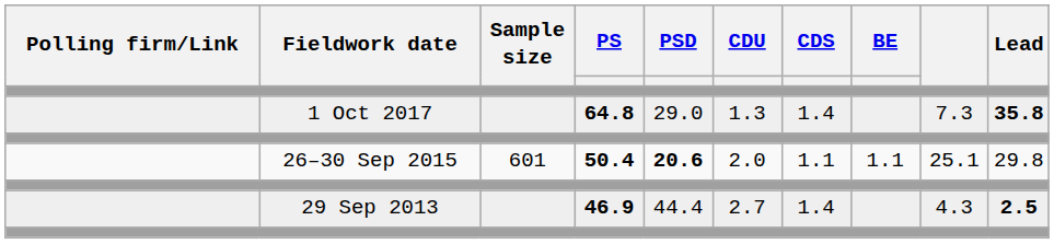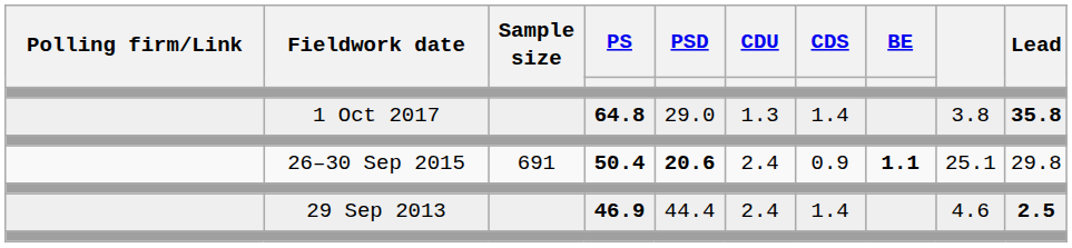 <table class="wikitable collapsible sortable" style="text-align:center; font-size:95%; line-height:16px;">
 <tr style="height:42px;">
 <th style="width:145px;" rowspan="2">Polling firm/Link</th>
 <th style="width:125px;" rowspan="2">Fieldwork date</th>
 <th class="unsortable" style="width:50px;" rowspan="2">Sample size</th>
 <th class="unsortable" style="width:35px;"><a href='#'>PS</a></th>
 <th class="unsortable" style="width:35px;"><a href='#'>PSD</a></th>
 <th class="unsortable" style="width:35px;"><a href='#'>CDU</a></th>
 <th class="unsortable" style="width:35px;"><a href='#'>CDS</a></th>
 <th class="unsortable" style="width:35px;"><a href='#'>BE</a></th>
 <th class="unsortable" style="width:35px;" rowspan="2"></th>
 <th class="unsortable" style="width:30px;" rowspan="2">Lead</th>
 </tr>
 <tr>
 <th class="unsortable" style="color:inherit;background:"></th>
 <th class="unsortable" style="color:inherit;background:"></th>
 <th class="unsortable" style="color:inherit;background:"></th>
 <th class="unsortable" style="color:inherit;background:"></th>
 <th class="unsortable" style="color:inherit;background:"></th>
 </tr>
 <tr>
 <td colspan="10" style="background:#A0A0A0"></td>
 </tr>
 <tr style="background:#EFEFEF;">
 <td><strong></strong></td>
 <td data-sort-value="2019-10-06">1 Oct 2017</td>
 <td></td>
 <td><strong>64.8</strong><br></td>
 <td>29.0<br></td>
 <td>1.3<br></td>
 <td>1.4<br></td>
 <td></td>
-<td>7.3<br></td>
+<td>3.8<br></td>
 <td style="background:"><strong>35.8</strong></td>
 </tr>
 <tr>
 <td colspan="10" style="background:#A0A0A0"></td>
 </tr>
 <tr>
 <td align="center"></td>
 <td align="center">26–30 Sep 2015</td>
-<td>601</td>
+<td>691</td>
 <td align="center" ><strong>50.4</strong></td>
 <td align="center"><strong>20.6</strong></td>
-<td align="center">2.0</td>
-<td align="center">1.1</td>
-<td align="center">1.1</td>
+<td align="center">2.4</td>
+<td align="center">0.9</td>
+<td align="center"><strong>1.1</strong></td>
 <td align="center">25.1</td>
 <td style="background:">29.8</td>
 </tr>
 <tr>
 <td colspan="10" style="background:#A0A0A0"></td>
 </tr>
 <tr style="background:#EFEFEF;">
 <td><strong></strong></td>
 <td data-sort-value="2019-10-06">29 Sep 2013</td>
 <td></td>
 <td><strong>46.9</strong><br></td>
 <td>44.4<br></td>
-<td>2.7<br></td>
+<td>2.4<br></td>
 <td>1.4<br></td>
 <td></td>
-<td>4.3<br></td>
+<td>4.6<br></td>
 <td style="background:"><strong>2.5</strong></td>
 </tr>
 <tr>
 <td colspan="10" style="background:#A0A0A0"></td>
 </tr>
 </table>
